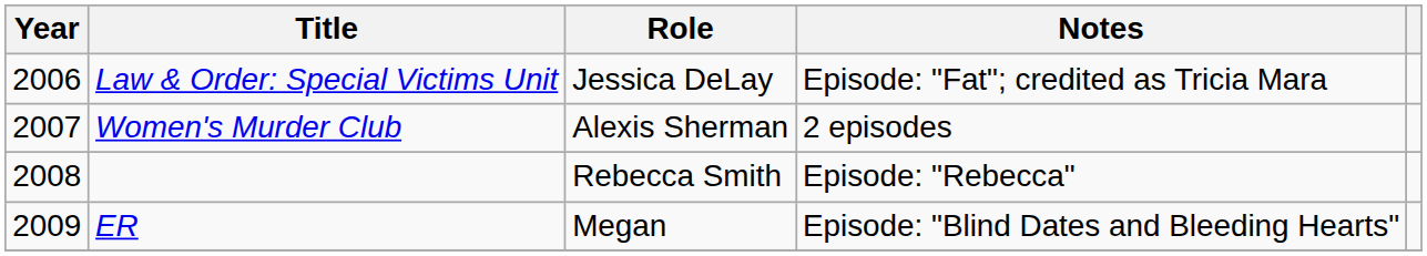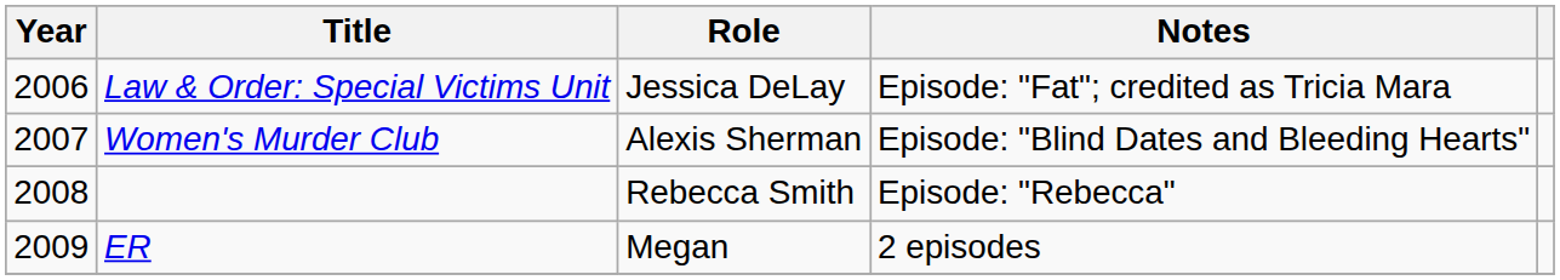 <table class="wikitable sortable">
 <tr>
 <th>Year</th>
 <th>Title</th>
 <th>Role</th>
 <th class="unsortable">Notes</th>
 <th class="unsortable"></th>
 </tr>
 <tr>
 <td>2006</td>
 <td><em><a href='#'>Law & Order: Special Victims Unit</a></em></td>
 <td>Jessica DeLay</td>
 <td>Episode: "Fat"; credited as Tricia Mara</td>
 <td></td>
 </tr>
 <tr>
 <td>2007</td>
 <td><em><a href='#'>Women's Murder Club</a></em></td>
 <td>Alexis Sherman</td>
-<td>2 episodes</td>
+<td>Episode: "Blind Dates and Bleeding Hearts"</td>
 <td></td>
 </tr>
 <tr>
 <td>2008</td>
 <td><em></em></td>
 <td>Rebecca Smith</td>
 <td>Episode: "Rebecca"</td>
 <td></td>
 </tr>
 <tr>
 <td>2009</td>
 <td><em><a href='#'>ER</a></em></td>
 <td>Megan</td>
-<td>Episode: "Blind Dates and Bleeding Hearts"</td>
+<td>2 episodes</td>
 <td></td>
 </tr>
 <tr>
 </tr>
 </table>
